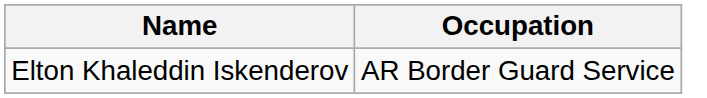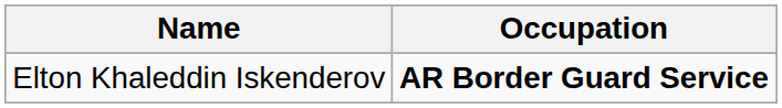 <table class="wikitable">
 <tr>
 <th>Name</th>
 <th>Occupation</th>
 </tr>
 <tr>
 <td>Elton Khaleddin Iskenderov</td>
-<td>AR Border Guard Service</td>
+<td><strong>AR Border Guard Service</strong></td>
 </tr>
 </table>
